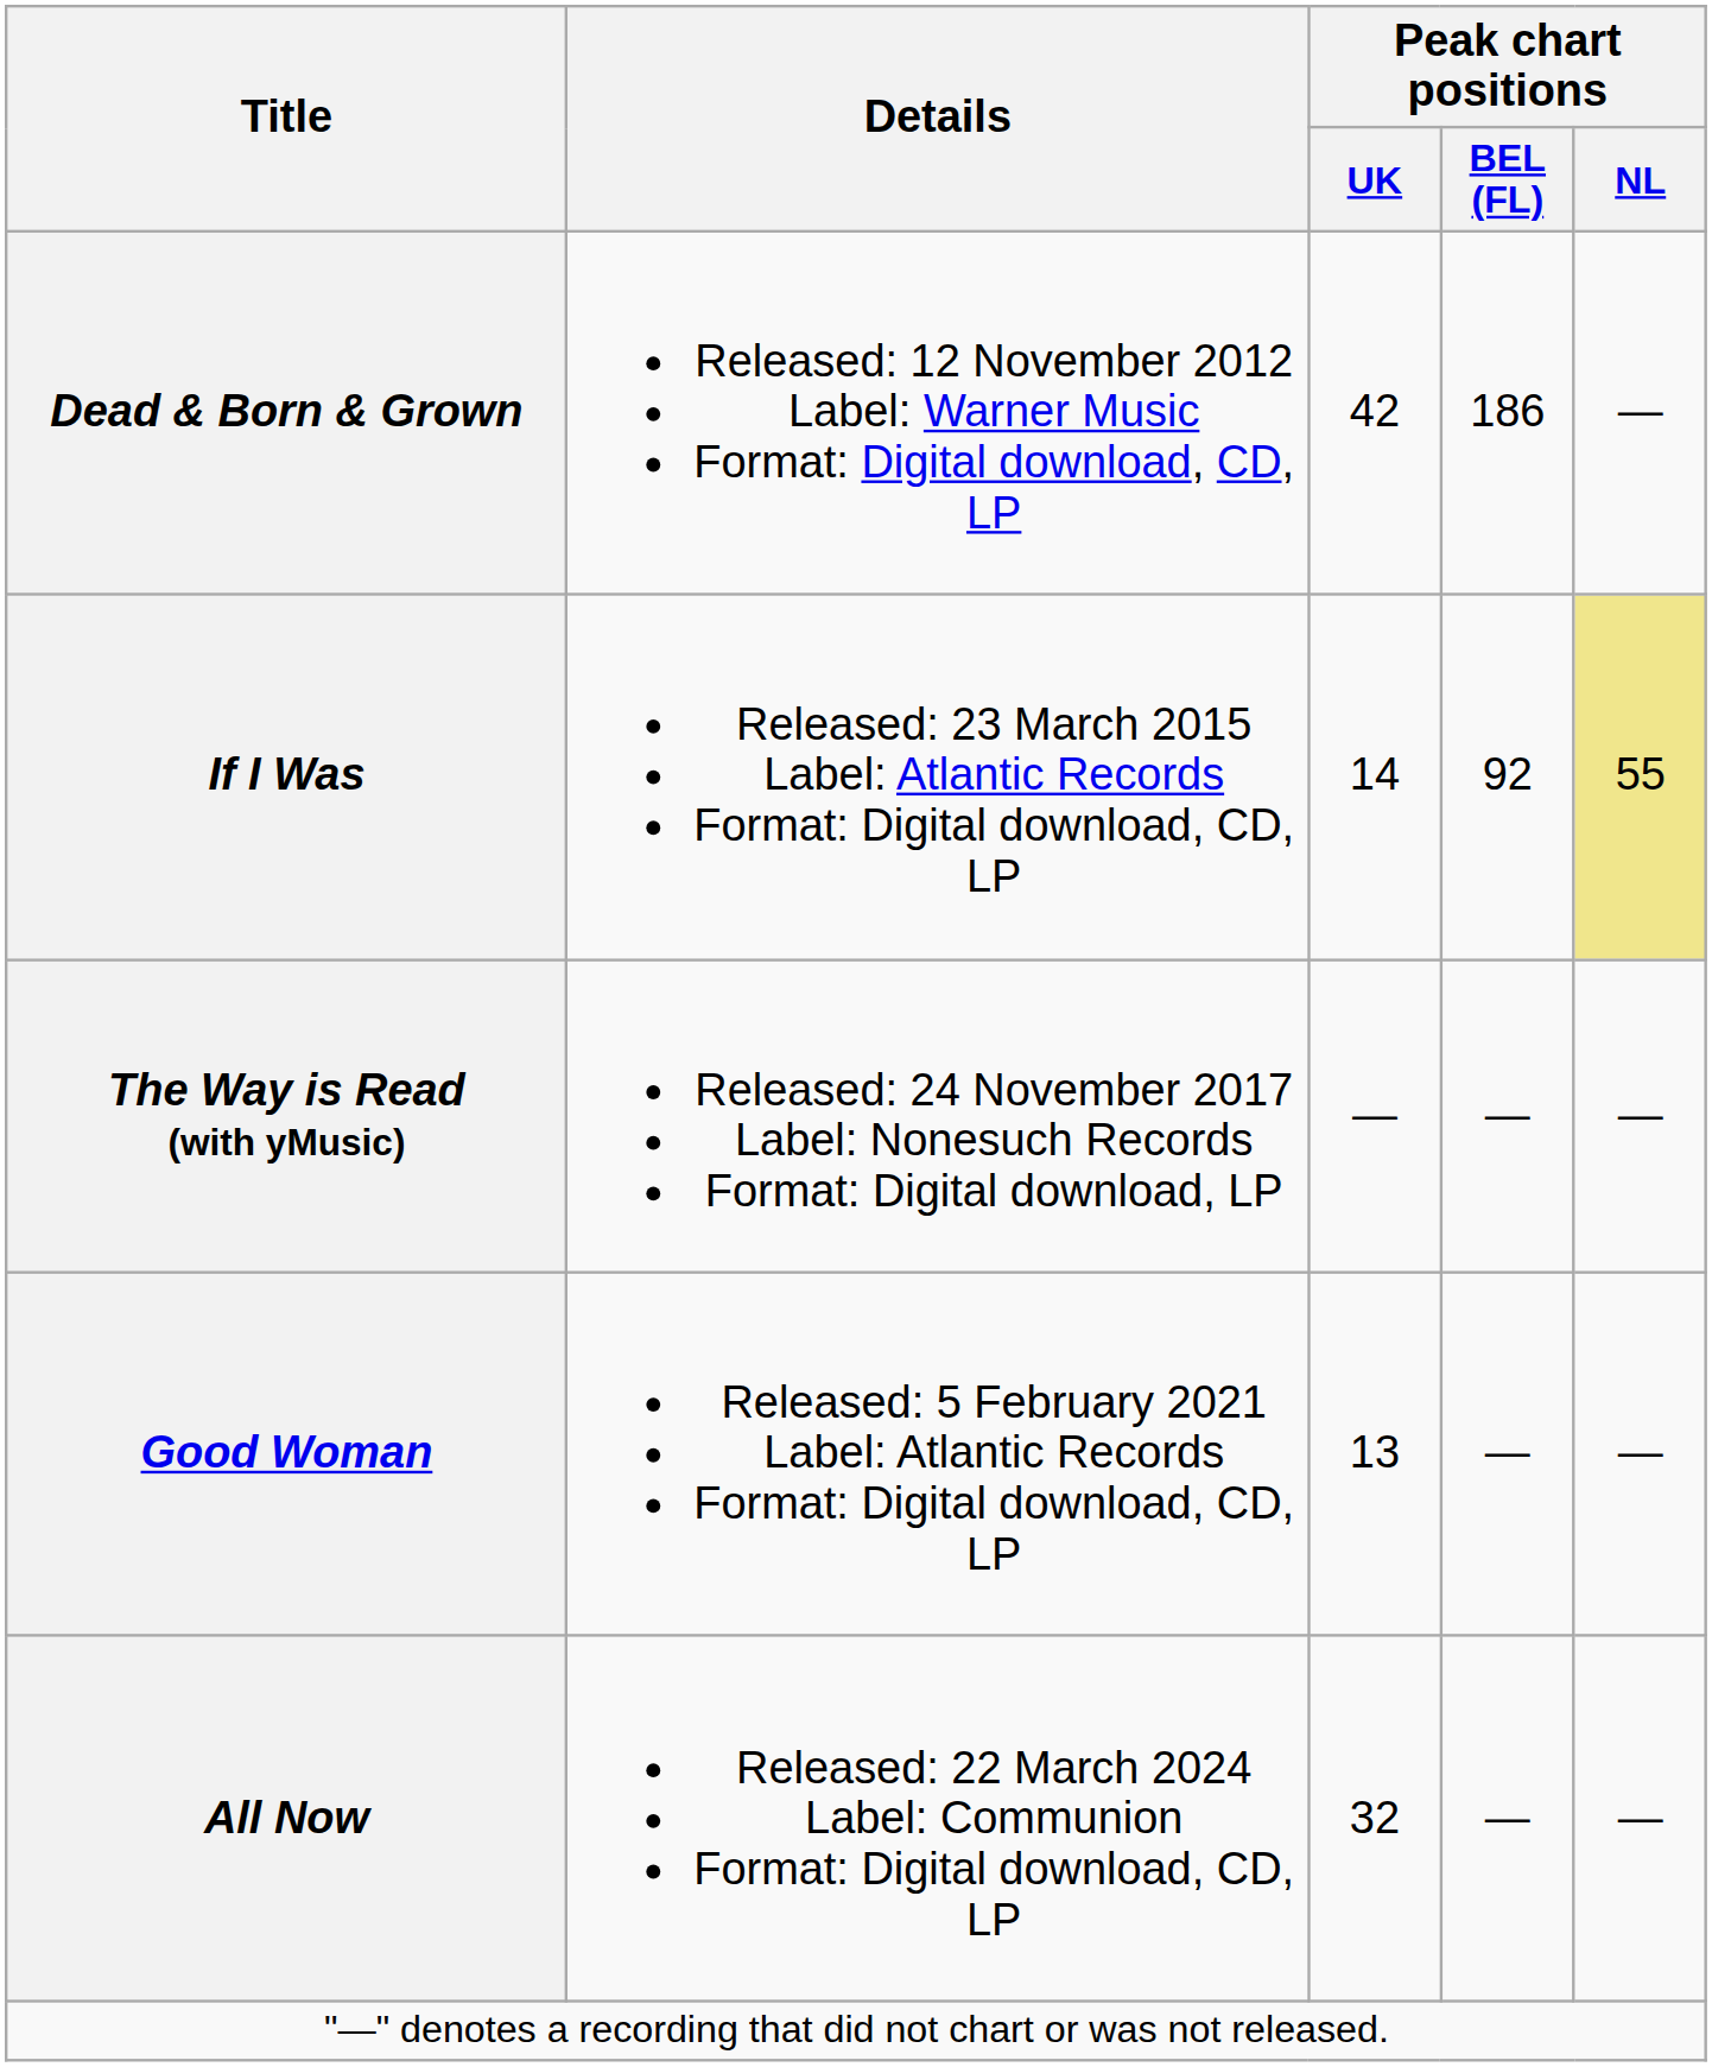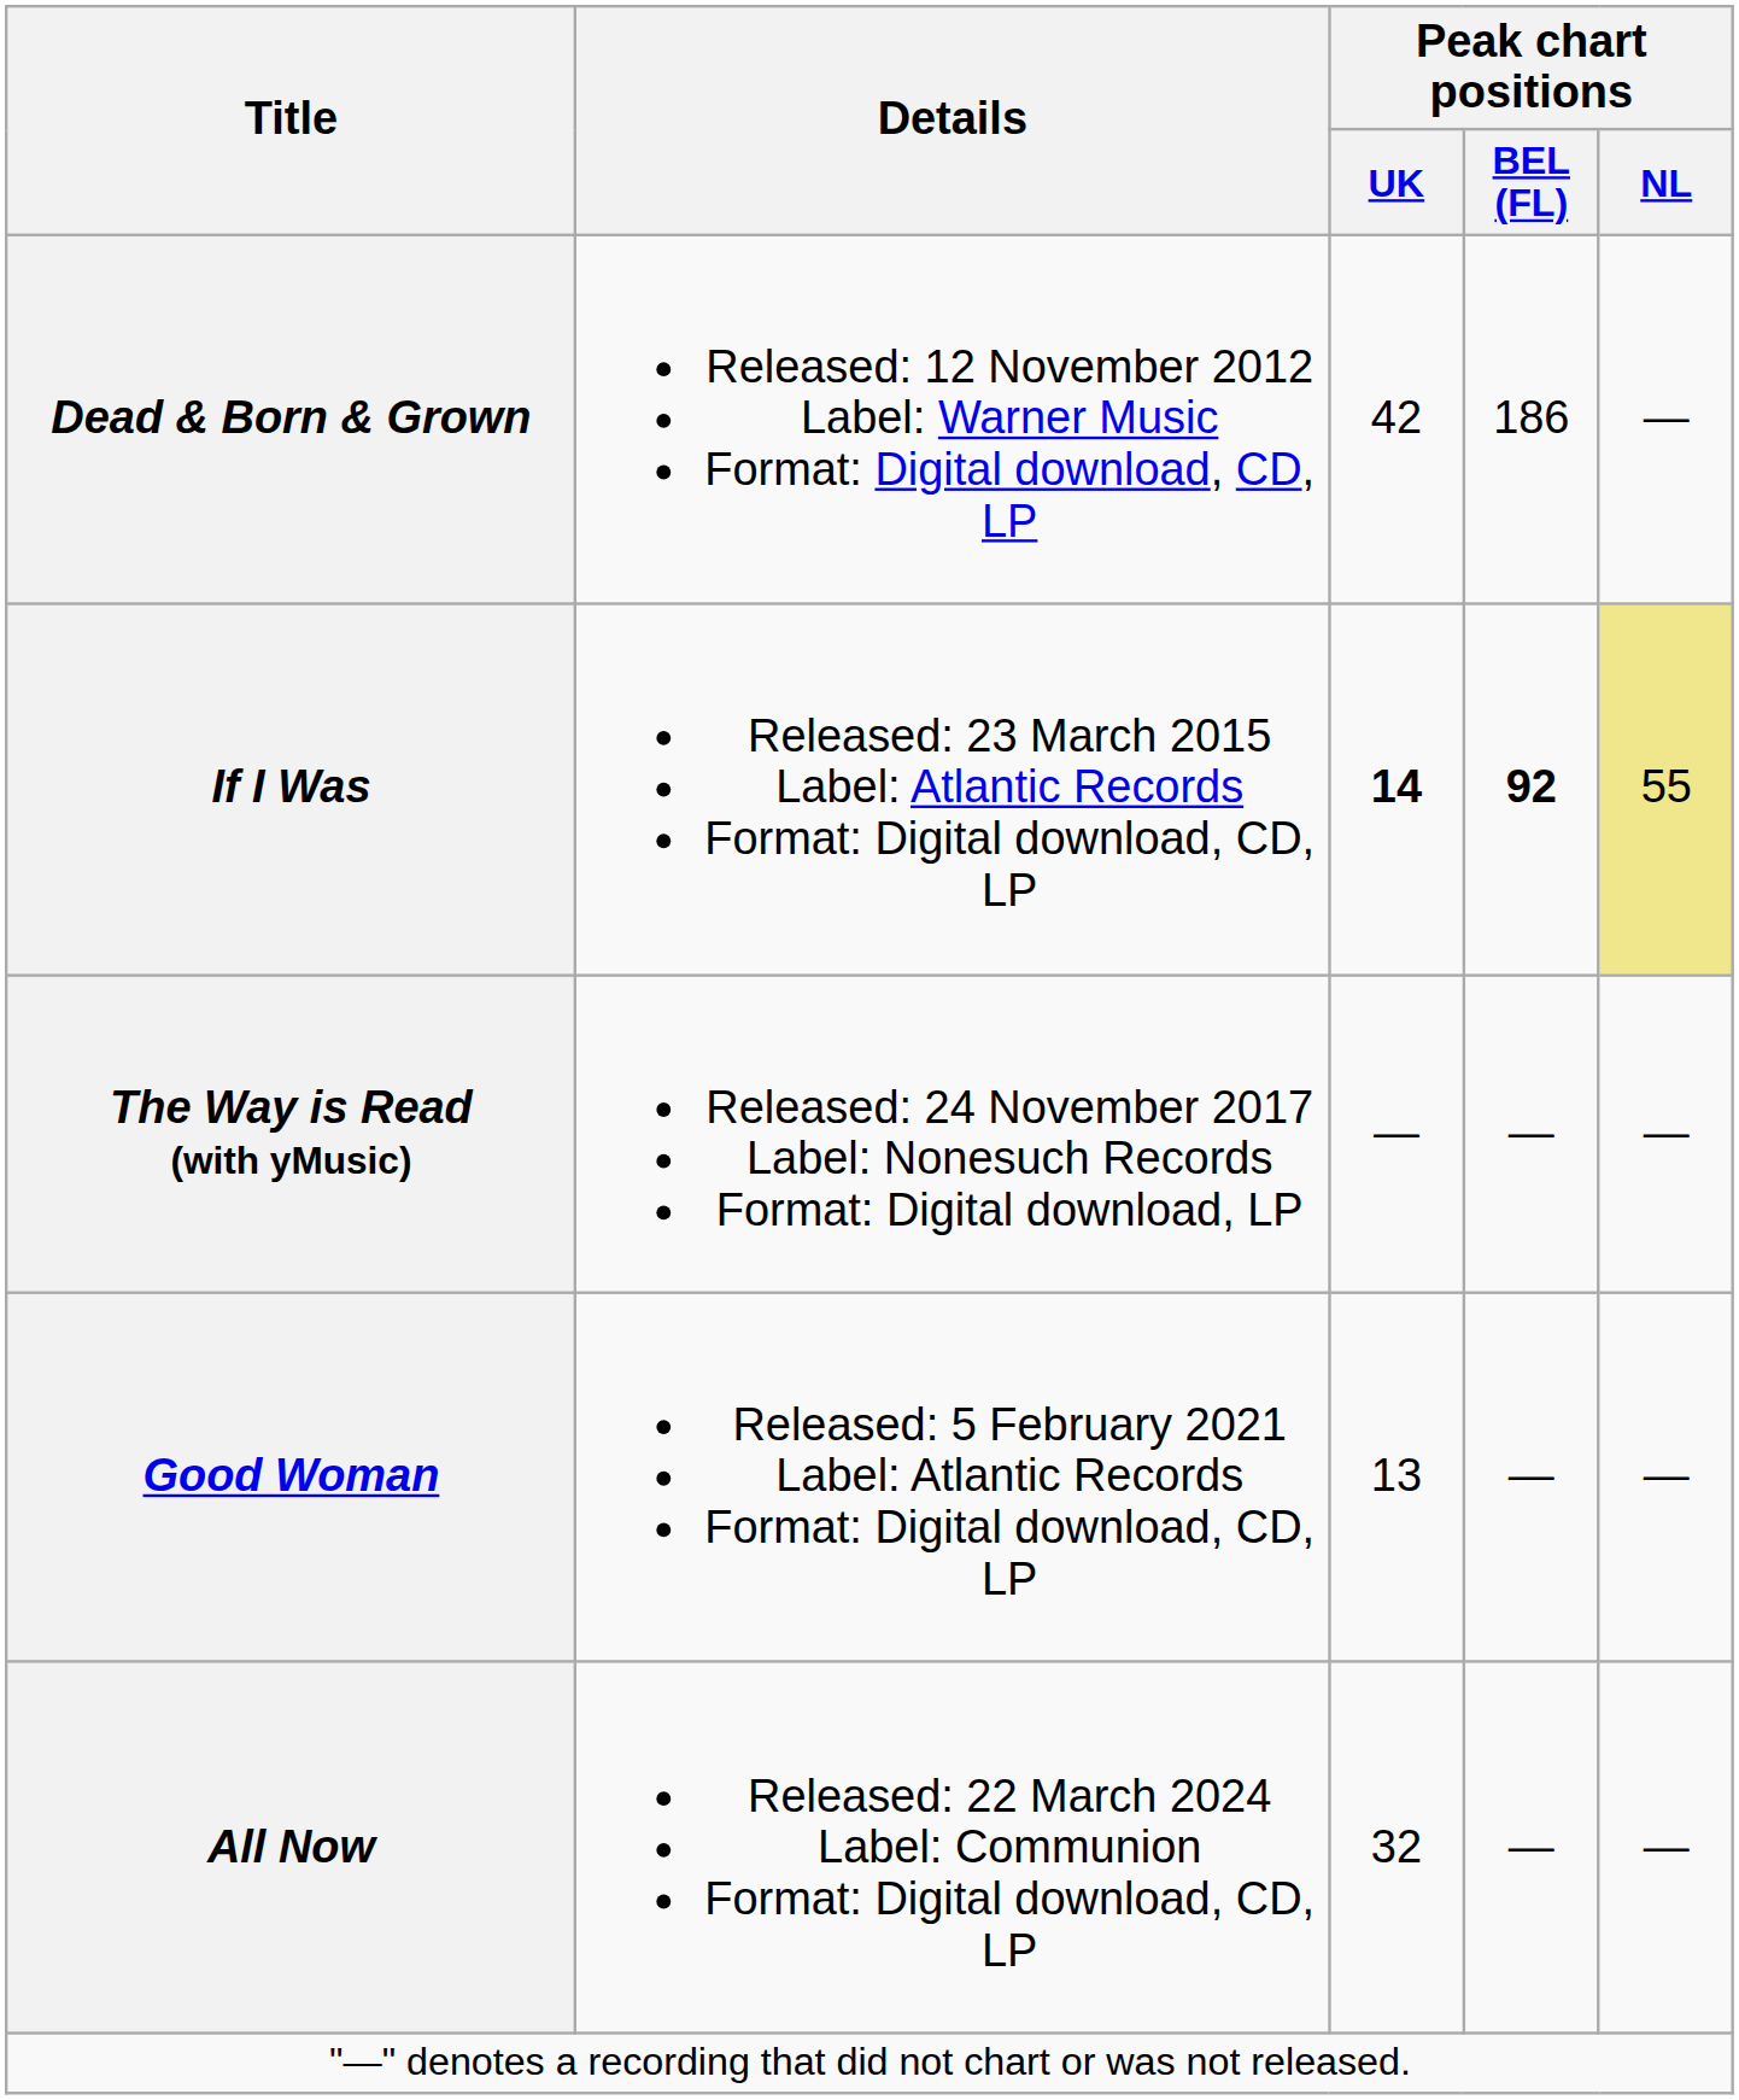 <table class="wikitable plainrowheaders" style="text-align:center;">
 <tr>
 <th scope="col" rowspan="2" style="width:12em;">Title</th>
 <th scope="col" rowspan="2" style="width:16em;">Details</th>
 <th scope="col" colspan="3">Peak chart positions</th>
 </tr>
 <tr>
 <th scope="col" style="width:3em;font-size:85%;"><a href='#'>UK</a><br></th>
 <th scope="col" style="width:3em;font-size:85%;"><a href='#'>BEL<br>(FL)</a><br></th>
 <th scope="col" style="width:3em;font-size:85%;"><a href='#'>NL</a><br></th>
 </tr>
 <tr>
 <th scope="row"><em>Dead & Born & Grown</em></th>
 <td><br><ul><li>Released: 12 November 2012</li><li>Label: <a href='#'>Warner Music</a></li><li>Format: <a href='#'>Digital download</a>, <a href='#'>CD</a>, <a href='#'>LP</a></li></ul></td>
 <td>42</td>
 <td>186</td>
 <td>—</td>
 </tr>
 <tr>
 <th scope="row"><em>If I Was</em></th>
 <td><br><ul><li>Released: 23 March 2015</li><li>Label: <a href='#'>Atlantic Records</a></li><li>Format: Digital download, CD, LP</li></ul></td>
-<td>14</td>
-<td>92</td>
+<td><strong>14</strong></td>
+<td><strong>92</strong></td>
 <td style="background: khaki;">55</td>
 </tr>
 <tr>
 <th scope="row"><em>The Way is Read</em><br><small>(with yMusic)</small></th>
 <td><br><ul><li>Released: 24 November 2017</li><li>Label: Nonesuch Records</li><li>Format: Digital download, LP</li></ul></td>
 <td>—</td>
 <td>—</td>
 <td>—</td>
 </tr>
 <tr>
 <th scope="row"><em><a href='#'>Good Woman</a></em></th>
 <td><br><ul><li>Released: 5 February 2021</li><li>Label: Atlantic Records</li><li>Format: Digital download, CD, LP</li></ul></td>
 <td>13</td>
 <td>—</td>
 <td>—</td>
 </tr>
 <tr>
 <th scope="row"><em>All Now</em></th>
 <td><br><ul><li>Released: 22 March 2024</li><li>Label: Communion</li><li>Format: Digital download, CD, LP</li></ul></td>
 <td>32</td>
 <td>—</td>
 <td>—</td>
 </tr>
 <tr>
 <td colspan="20" style="font-size:85%;">"—" denotes a recording that did not chart or was not released.</td>
 </tr>
 </table>
